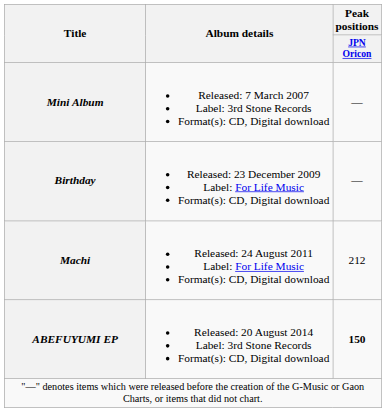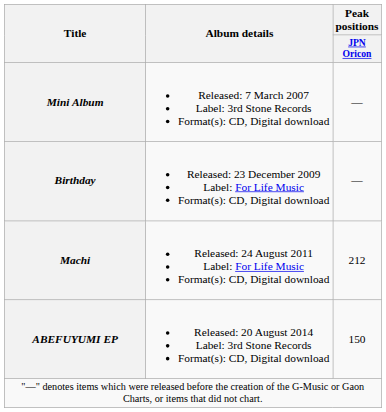 <table class="wikitable plainrowheaders" style="text-align:center;">
 <tr>
 <th style="width:12em;" rowspan="2">Title</th>
 <th style="width:16em;" rowspan="2">Album details</th>
 <th colspan="1">Peak positions</th>
 </tr>
 <tr>
 <th style="width:3em;font-size:85%"><a href='#'>JPN<br>Oricon</a><br></th>
 </tr>
 <tr>
 <th scope="row"><em>Mini Album</em></th>
 <td><br><ul><li>Released: 7 March 2007</li><li>Label: 3rd Stone Records</li><li>Format(s): CD, Digital download</li></ul></td>
 <td>—</td>
 </tr>
 <tr>
 <th scope="row"><em>Birthday</em></th>
 <td><br><ul><li>Released: 23 December 2009</li><li>Label: <a href='#'>For Life Music</a></li><li>Format(s): CD, Digital download</li></ul></td>
 <td>—</td>
 </tr>
 <tr>
 <th scope="row"><em>Machi</em></th>
 <td><br><ul><li>Released: 24 August 2011</li><li>Label: <a href='#'>For Life Music</a></li><li>Format(s): CD, Digital download</li></ul></td>
 <td>212</td>
 </tr>
 <tr>
 <th scope="row"><em>ABEFUYUMI EP</em></th>
 <td><br><ul><li>Released: 20 August 2014</li><li>Label: 3rd Stone Records</li><li>Format(s): CD, Digital download</li></ul></td>
-<td><strong>150</strong></td>
+<td>150</td>
 </tr>
 <tr>
 <td colspan="6" align="center" style="font-size:90%;">"—" denotes items which were released before the creation of the G-Music or Gaon Charts, or items that did not chart.</td>
 </tr>
 </table>
